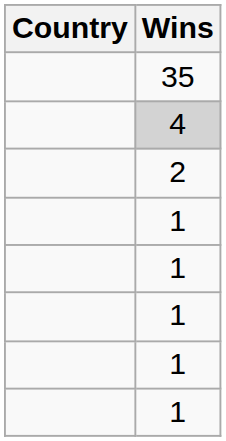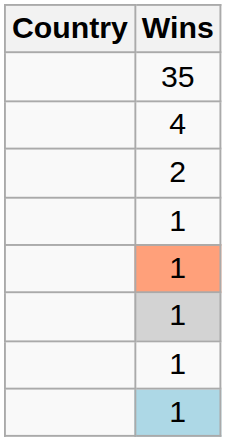 <table class="wikitable sortable" style="text-align:center">
 <tr>
 <th>Country</th>
 <th>Wins</th>
 </tr>
 <tr>
 <td align="left"></td>
 <td>35</td>
 </tr>
 <tr>
 <td align="left"></td>
-<td style="background: lightgrey;">4</td>
+<td>4</td>
 </tr>
 <tr>
 <td align="left"></td>
 <td>2</td>
 </tr>
 <tr>
 <td align="left"></td>
 <td>1</td>
 </tr>
 <tr>
 <td align="left"></td>
-<td>1</td>
+<td style="background: lightsalmon;">1</td>
+</tr>
+<tr>
+<td align="left"></td>
+<td style="background: lightgrey;">1</td>
 </tr>
 <tr>
 <td align="left"></td>
 <td>1</td>
 </tr>
 <tr>
 <td align="left"></td>
-<td>1</td>
-</tr>
-<tr>
-<td align="left"></td>
-<td>1</td>
+<td style="background: lightblue;">1</td>
 </tr>
 </table>
